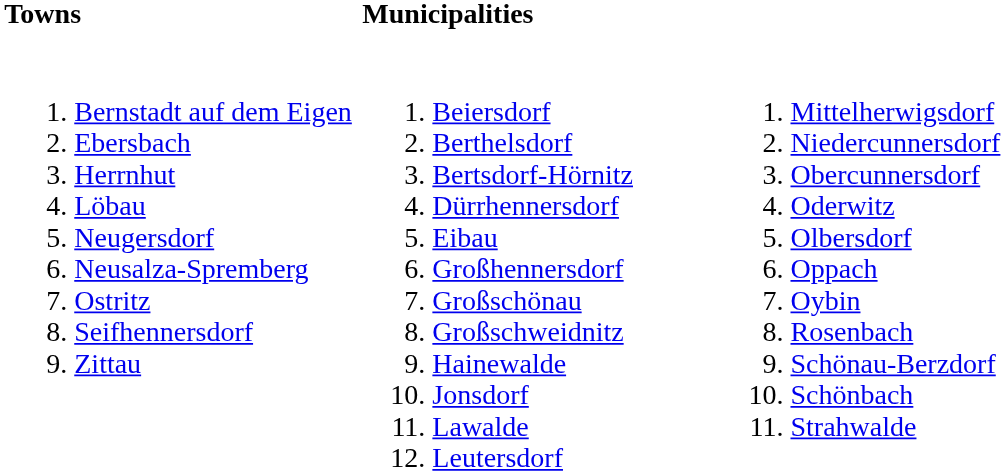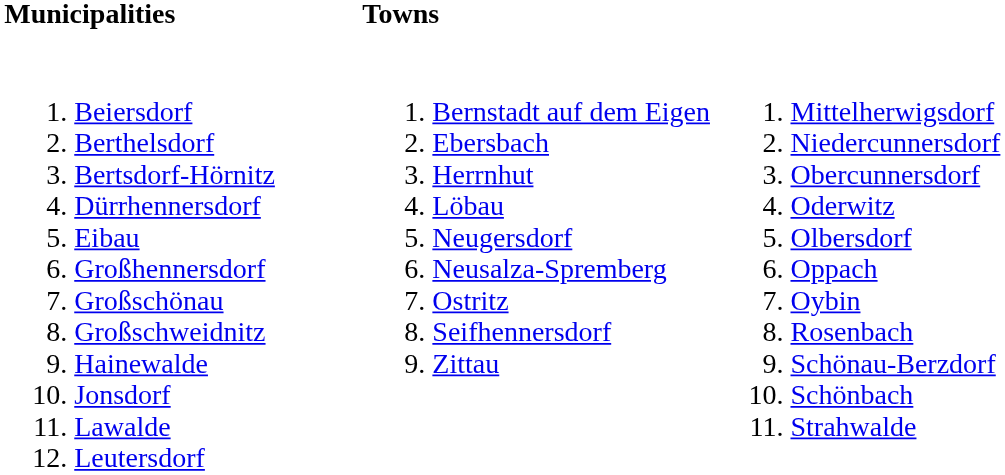 <table>
 <tr>
+<th align=left width=33%>Municipalities</th>
 <th align=left width=33%>Towns</th>
-<th align=left width=33%>Municipalities</th>
 <th align=left width=33%></th>
 </tr>
 <tr valign=top>
+<td><br><ol><li><a href='#'>Beiersdorf</a></li><li><a href='#'>Berthelsdorf</a></li><li><a href='#'>Bertsdorf-Hörnitz</a></li><li><a href='#'>Dürrhennersdorf</a></li><li><a href='#'>Eibau</a></li><li><a href='#'>Großhennersdorf</a></li><li><a href='#'>Großschönau</a></li><li><a href='#'>Großschweidnitz</a></li><li><a href='#'>Hainewalde</a></li><li><a href='#'>Jonsdorf</a></li><li><a href='#'>Lawalde</a></li><li><a href='#'>Leutersdorf</a></li></ol></td>
 <td><br><ol><li><a href='#'>Bernstadt auf dem Eigen</a></li><li><a href='#'>Ebersbach</a></li><li><a href='#'>Herrnhut</a></li><li><a href='#'>Löbau</a></li><li><a href='#'>Neugersdorf</a></li><li><a href='#'>Neusalza-Spremberg</a></li><li><a href='#'>Ostritz</a></li><li><a href='#'>Seifhennersdorf</a></li><li><a href='#'>Zittau</a></li></ol></td>
-<td><br><ol><li><a href='#'>Beiersdorf</a></li><li><a href='#'>Berthelsdorf</a></li><li><a href='#'>Bertsdorf-Hörnitz</a></li><li><a href='#'>Dürrhennersdorf</a></li><li><a href='#'>Eibau</a></li><li><a href='#'>Großhennersdorf</a></li><li><a href='#'>Großschönau</a></li><li><a href='#'>Großschweidnitz</a></li><li><a href='#'>Hainewalde</a></li><li><a href='#'>Jonsdorf</a></li><li><a href='#'>Lawalde</a></li><li><a href='#'>Leutersdorf</a></li></ol></td>
 <td><br><ol> <li><a href='#'>Mittelherwigsdorf</a> <li><a href='#'>Niedercunnersdorf</a> <li><a href='#'>Obercunnersdorf</a> <li><a href='#'>Oderwitz</a> <li><a href='#'>Olbersdorf</a> <li><a href='#'>Oppach</a> <li><a href='#'>Oybin</a> <li><a href='#'>Rosenbach</a> <li><a href='#'>Schönau-Berzdorf</a> <li><a href='#'>Schönbach</a> <li><a href='#'>Strahwalde</a> </ol></td>
 </tr>
 </table>
